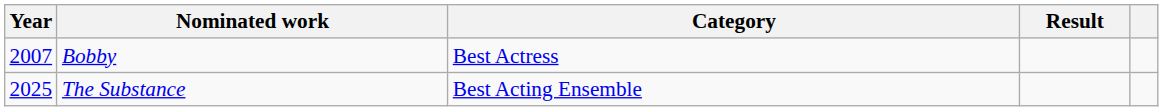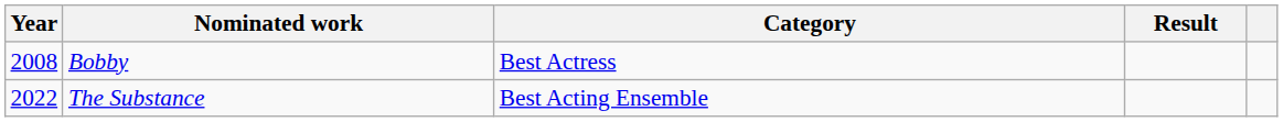 <table class="wikitable">
 <tr>
 <th scope="col" style="width:1em;">Year</th>
 <th scope="col" style="width:20em;">Nominated work</th>
 <th scope="col" style="width:30em;">Category</th>
 <th scope="col" style="width:5em;">Result</th>
 <th scope="col" style="width:1em;"></th>
 </tr>
 <tr>
-<td><a href='#'>2007</a></td>
+<td><a href='#'>2008</a></td>
 <td><a href='#'><em>Bobby</em></a></td>
 <td><a href='#'>Best Actress</a></td>
 <td></td>
 <td style="text-align:center;"></td>
 </tr>
 <tr>
-<td><a href='#'>2025</a></td>
+<td><a href='#'>2022</a></td>
 <td><em><a href='#'>The Substance</a></em></td>
 <td><a href='#'>Best Acting Ensemble</a></td>
 <td></td>
 <td style="text-align:center;"></td>
 </tr>
 </table>
